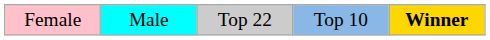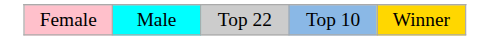 <table class="wikitable" style="margin:1em auto; text-align:center;">
 <tr>
 </tr>
 <tr>
 <td style="background:pink;" width="15%">Female</td>
 <td style="background:cyan;" width="15%">Male</td>
 <td style="background:#CCCCCC;" width="15%">Top 22</td>
 <td style="background:#8AB8E6" width="15%">Top 10</td>
-<td style="background:gold;" width="15%"><strong>Winner</strong></td>
+<td style="background:gold;" width="15%">Winner</td>
 </tr>
 </table>
